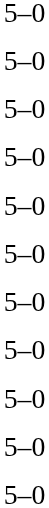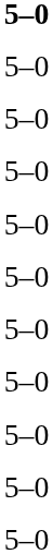 <table style="font-size:90%">
 <tr>
 <td colspan="3"></td>
 </tr>
 <tr>
 <td align="right"><strong></strong></td>
-<td align="center">5–0</td>
+<td align="center"><strong>5–0</strong></td>
 <td></td>
 </tr>
 <tr>
 <td colspan="3"></td>
 </tr>
 <tr>
 <td align="right"><strong></strong></td>
 <td align="center">5–0</td>
 <td></td>
 </tr>
 <tr>
 <td colspan="3"></td>
 </tr>
 <tr>
 <td align="right"><strong></strong></td>
 <td align="center">5–0</td>
 <td></td>
 </tr>
 <tr>
 <td colspan="3"></td>
 </tr>
 <tr>
 <td align="right"><strong></strong></td>
 <td align="center">5–0</td>
 <td></td>
 </tr>
 <tr>
 <td colspan="3"></td>
 </tr>
 <tr>
 <td width="150" align="right"><strong></strong></td>
 <td width="100" align="center">5–0</td>
 <td></td>
 </tr>
 <tr>
 <td colspan="3"></td>
 </tr>
 <tr>
 <td align="right"><strong></strong></td>
 <td align="center">5–0</td>
 <td></td>
 </tr>
 <tr>
 <td colspan="3"></td>
 </tr>
 <tr>
 <td align="right"><strong></strong></td>
 <td align="center">5–0</td>
 <td></td>
 </tr>
 <tr>
 <td colspan="3"></td>
 </tr>
 <tr>
 <td align="right"><strong></strong></td>
 <td align="center">5–0</td>
 <td></td>
 </tr>
 <tr>
 <td colspan="3"></td>
 </tr>
 <tr>
 <td align="right"><strong></strong></td>
 <td align="center">5–0</td>
 <td></td>
 </tr>
 <tr>
 <td colspan="3"></td>
 </tr>
 <tr>
 <td align="right"><strong></strong></td>
 <td align="center">5–0</td>
 <td></td>
 </tr>
 <tr>
 <td colspan="3"></td>
 </tr>
 <tr>
 <td width="150" align="right"><strong></strong></td>
 <td width="100" align="center">5–0</td>
 <td></td>
 </tr>
 <tr>
 <td colspan="3"></td>
 </tr>
 </table>
